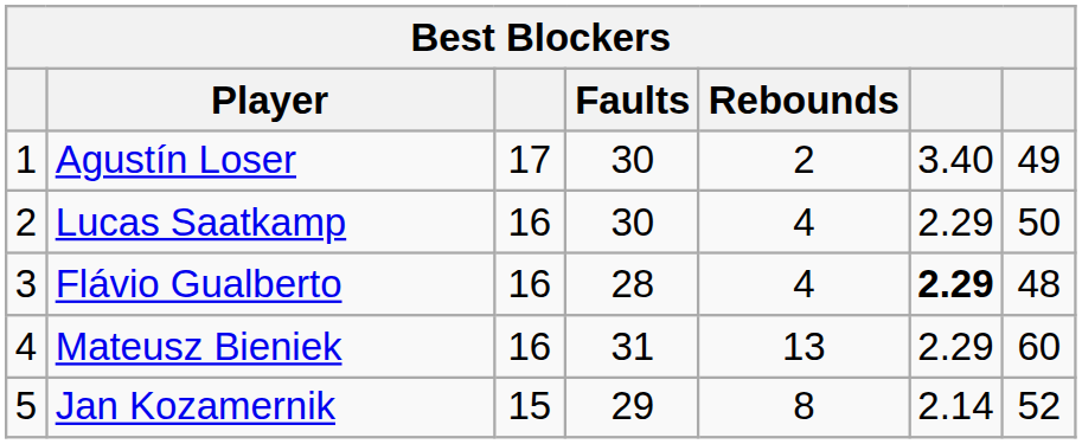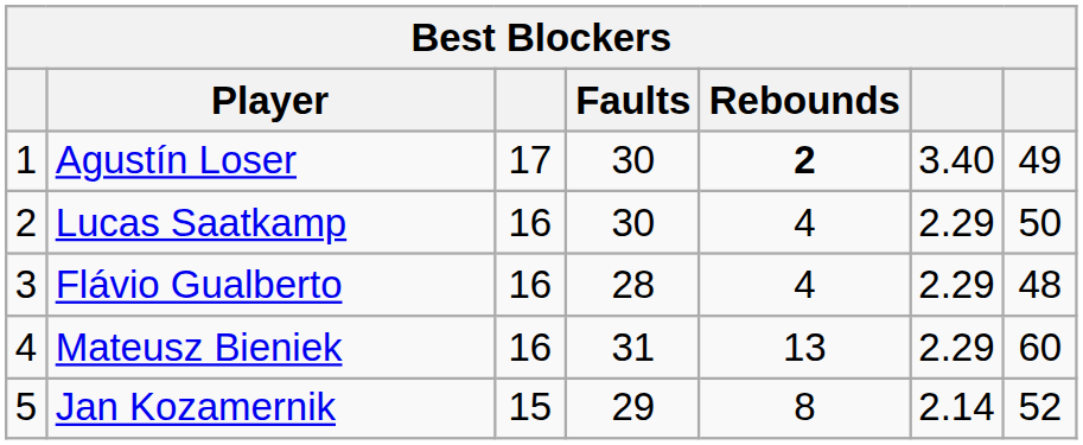 <table class="wikitable sortable" style=font-size:90%>
 <tr>
 <th colspan=7>Best Blockers</th>
 </tr>
 <tr>
 <th></th>
 <th width=158>Player</th>
 <th width=20></th>
 <th width=20>Faults</th>
 <th width=20>Rebounds</th>
 <th width=20></th>
 <th width=20></th>
 </tr>
 <tr>
 <td align=center>1</td>
 <td> <a href='#'>Agustín Loser</a></td>
 <td align=center>17</td>
 <td align=center>30</td>
-<td align=center>2</td>
+<td align=center><strong>2</strong></td>
 <td align=center>3.40</td>
 <td align=center>49</td>
 </tr>
 <tr>
 <td align=center>2</td>
 <td> <a href='#'>Lucas Saatkamp</a></td>
 <td align=center>16</td>
 <td align=center>30</td>
 <td align=center>4</td>
 <td align=center>2.29</td>
 <td align=center>50</td>
 </tr>
 <tr>
 <td align=center>3</td>
 <td> <a href='#'>Flávio Gualberto</a></td>
 <td align=center>16</td>
 <td align=center>28</td>
 <td align=center>4</td>
-<td align=center><strong>2.29</strong></td>
+<td align=center>2.29</td>
 <td align=center>48</td>
 </tr>
 <tr>
 <td align=center>4</td>
 <td> <a href='#'>Mateusz Bieniek</a></td>
 <td align=center>16</td>
 <td align=center>31</td>
 <td align=center>13</td>
 <td align=center>2.29</td>
 <td align=center>60</td>
 </tr>
 <tr>
 <td align=center>5</td>
 <td> <a href='#'>Jan Kozamernik</a></td>
 <td align=center>15</td>
 <td align=center>29</td>
 <td align=center>8</td>
 <td align=center>2.14</td>
 <td align=center>52</td>
 </tr>
 </table>
